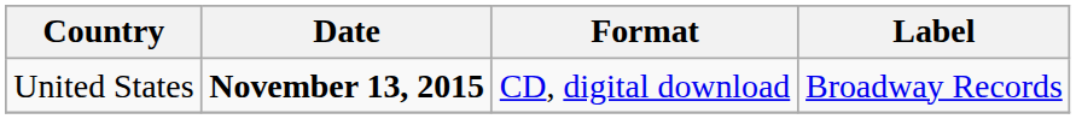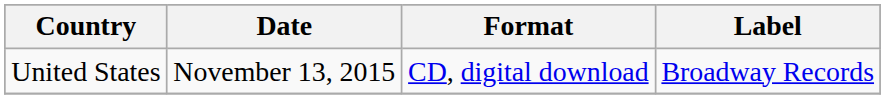 <table class="wikitable plainrowheaders">
 <tr>
 <th>Country</th>
 <th>Date</th>
 <th>Format</th>
 <th>Label</th>
 </tr>
 <tr>
 <td>United States</td>
-<td><strong>November 13, 2015</strong></td>
+<td>November 13, 2015</td>
 <td><a href='#'>CD</a>, <a href='#'>digital download</a></td>
 <td><a href='#'>Broadway Records</a></td>
 </tr>
 <tr>
 </tr>
 </table>
